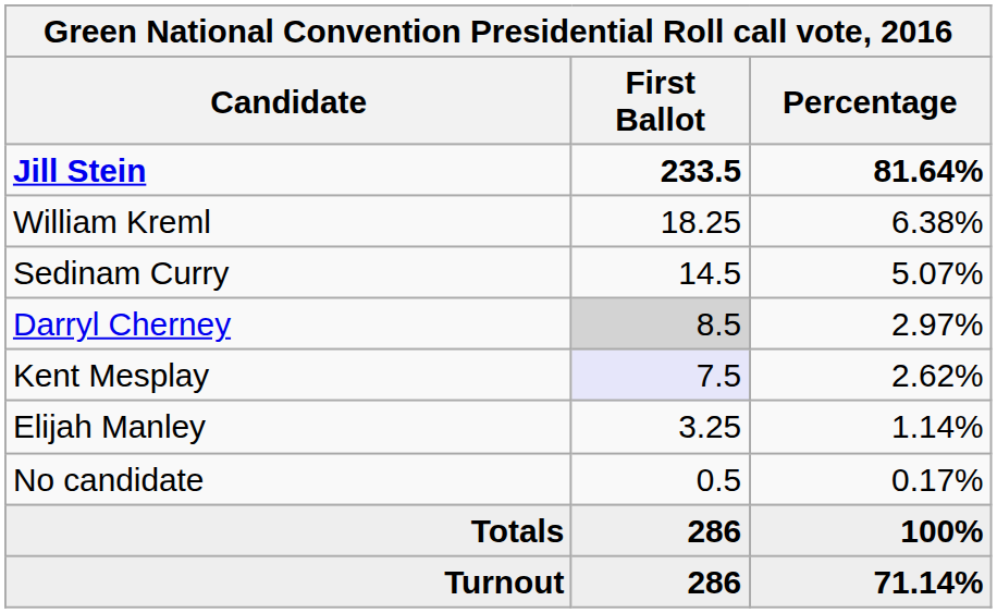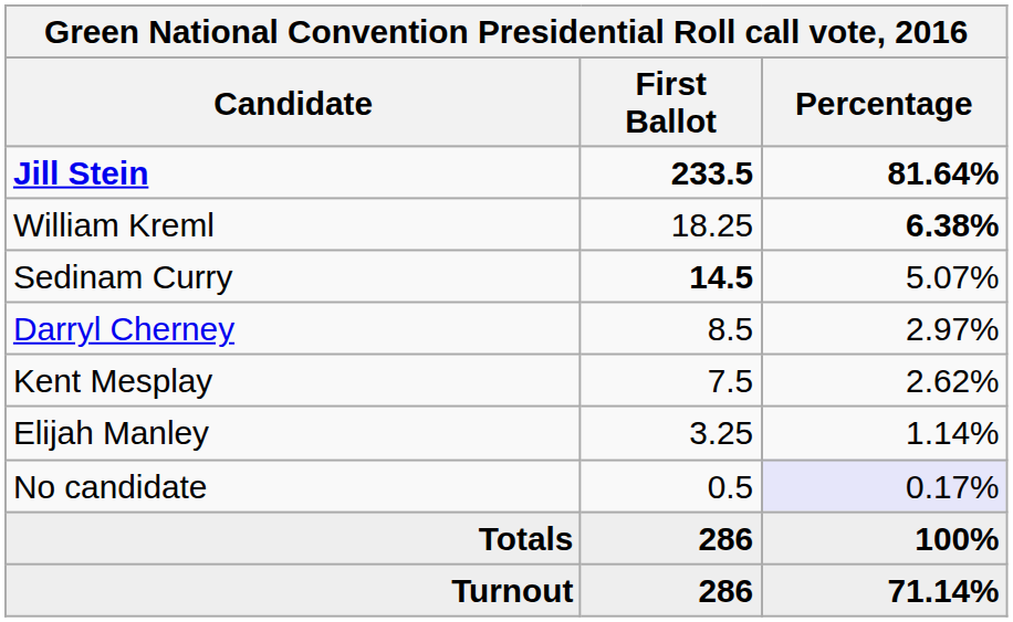 <table class="wikitable" style="font-size:95%;">
 <tr>
 <th colspan="3">Green National Convention Presidential Roll call vote, 2016</th>
 </tr>
 <tr>
 <th style="width: 17em">Candidate</th>
 <th style="width: 5em">First Ballot</th>
 <th style="width: 7em">Percentage</th>
 </tr>
 <tr>
 <td><strong><a href='#'>Jill Stein</a></strong></td>
 <td style="text-align:right;"><strong>233.5</strong></td>
 <td style="text-align:right;"><strong>81.64%</strong></td>
 </tr>
 <tr>
 <td>William Kreml</td>
 <td style="text-align:right;">18.25</td>
-<td style="text-align:right;">6.38%</td>
+<td style="text-align:right;"><strong>6.38%</strong></td>
 </tr>
 <tr>
 <td>Sedinam Curry</td>
-<td style="text-align:right;">14.5</td>
+<td style="text-align:right;"><strong>14.5</strong></td>
 <td style="text-align:right;">5.07%</td>
 </tr>
 <tr>
 <td><a href='#'>Darryl Cherney</a></td>
-<td style="background: lightgrey; text-align:right;">8.5</td>
+<td style="text-align:right;">8.5</td>
 <td style="text-align:right;">2.97%</td>
 </tr>
 <tr>
 <td>Kent Mesplay</td>
-<td style="background: lavender; text-align:right;">7.5</td>
+<td style="text-align:right;">7.5</td>
 <td style="text-align:right;">2.62%</td>
 </tr>
 <tr>
 <td>Elijah Manley</td>
 <td style="text-align:right;">3.25</td>
 <td style="text-align:right;">1.14%</td>
 </tr>
 <tr>
 <td>No candidate</td>
 <td style="text-align:right;">0.5</td>
-<td style="text-align:right;">0.17%</td>
+<td style="background: lavender; text-align:right;">0.17%</td>
 </tr>
 <tr style="background:#eee; text-align:right;">
 <td><strong>Totals</strong></td>
 <td><strong>286</strong></td>
 <td><strong>100%</strong></td>
 </tr>
 <tr style="background:#eee; text-align:right;">
 <td><strong>Turnout</strong></td>
 <td><strong>286</strong></td>
 <td><strong>71.14%</strong></td>
 </tr>
 </table>
